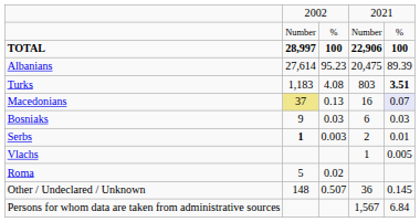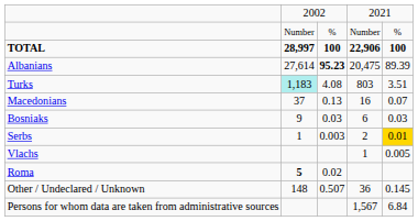 <table class="wikitable">
 <tr>
 <td></td>
 <td colspan="2" align="center">2002</td>
 <td colspan="2" align="center">2021</td>
 </tr>
 <tr>
 <td></td>
 <td align="center"><small>Number</small></td>
 <td align="center"><small>%</small></td>
 <td align="center"><small>Number</small></td>
 <td align="center"><small>%</small></td>
 </tr>
 <tr>
 <td><strong>TOTAL</strong></td>
 <td align="center"><strong>28,997</strong></td>
 <td align="center"><strong>100</strong></td>
 <td align="center"><strong>22,906</strong></td>
 <td align="center"><strong>100</strong></td>
 </tr>
 <tr>
 <td><a href='#'>Albanians</a></td>
 <td align="center">27,614</td>
-<td align="center">95.23</td>
+<td align="center"><strong>95.23</strong></td>
 <td align="center">20,475</td>
 <td align="center">89.39</td>
 </tr>
 <tr>
 <td><a href='#'>Turks</a></td>
-<td align="center">1,183</td>
+<td align="center" style="background: paleturquoise;">1,183</td>
 <td align="center">4.08</td>
 <td align="center">803</td>
-<td align="center"><strong>3.51</strong></td>
+<td align="center">3.51</td>
 </tr>
 <tr>
 <td><a href='#'>Macedonians</a></td>
-<td align="center" style="background: khaki;">37</td>
+<td align="center">37</td>
 <td align="center">0.13</td>
 <td align="center">16</td>
-<td align="center" style="background: lavender;">0.07</td>
+<td align="center">0.07</td>
 </tr>
 <tr>
 <td><a href='#'>Bosniaks</a></td>
 <td align="center">9</td>
 <td align="center">0.03</td>
 <td align="center">6</td>
 <td align="center">0.03</td>
 </tr>
 <tr>
 <td><a href='#'>Serbs</a></td>
-<td align="center"><strong>1</strong></td>
+<td align="center">1</td>
 <td align="center">0.003</td>
 <td align="center">2</td>
-<td align="center">0.01</td>
+<td align="center" style="background: gold;">0.01</td>
 </tr>
 <tr>
 <td><a href='#'>Vlachs</a></td>
 <td align="center"></td>
 <td align="center"></td>
 <td align="center">1</td>
 <td align="center">0.005</td>
 </tr>
 <tr>
 <td><a href='#'>Roma</a></td>
-<td align="center">5</td>
+<td align="center"><strong>5</strong></td>
 <td align="center">0.02</td>
 <td align="center"></td>
 <td align="center"></td>
 </tr>
 <tr>
 <td>Other / Undeclared / Unknown</td>
 <td align="center">148</td>
 <td align="center">0.507</td>
 <td align="center">36</td>
 <td align="center">0.145</td>
 </tr>
 <tr>
 <td>Persons for whom data are taken from administrative sources</td>
 <td align="center"></td>
 <td align="center"></td>
 <td align="center">1,567</td>
 <td align="center">6.84</td>
 </tr>
 </table>
